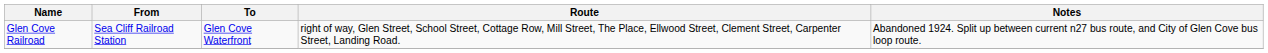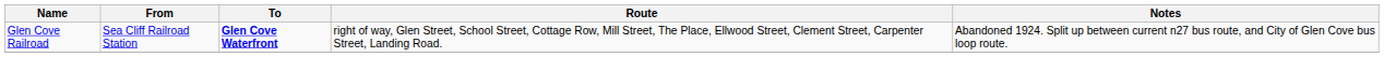 <table class=wikitable>
 <tr>
 <th>Name</th>
 <th>From</th>
 <th>To</th>
 <th>Route</th>
 <th>Notes</th>
 </tr>
 <tr>
 <td><a href='#'>Glen Cove Railroad</a></td>
 <td><a href='#'>Sea Cliff Railroad Station</a></td>
-<td><a href='#'>Glen Cove Waterfront</a></td>
+<td><strong><a href='#'>Glen Cove Waterfront</a></strong></td>
 <td>right of way, Glen Street, School Street, Cottage Row, Mill Street, The Place, Ellwood Street, Clement Street, Carpenter Street, Landing Road.</td>
 <td>Abandoned 1924. Split up between current n27 bus route, and City of Glen Cove bus loop route.</td>
 </tr>
 <tr>
 </tr>
 </table>
